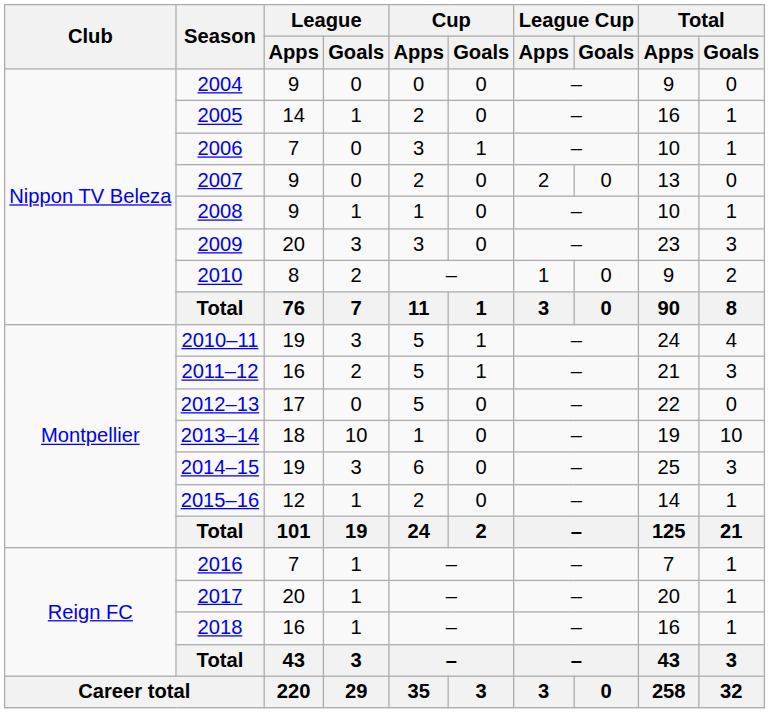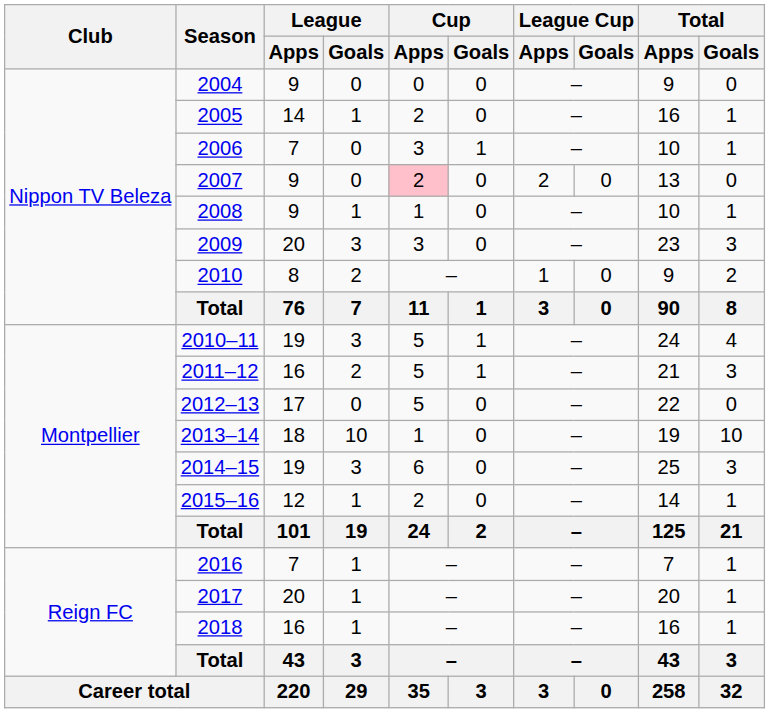 <table class="wikitable" style="text-align:center">
 <tr>
 <th rowspan="2">Club</th>
 <th rowspan="2">Season</th>
 <th colspan="2">League</th>
 <th colspan="2">Cup</th>
 <th colspan="2">League Cup</th>
 <th colspan="2">Total</th>
 </tr>
 <tr>
 <th>Apps</th>
 <th>Goals</th>
 <th>Apps</th>
 <th>Goals</th>
 <th>Apps</th>
 <th>Goals</th>
 <th>Apps</th>
 <th>Goals</th>
 </tr>
 <tr>
 <td rowspan="8"><a href='#'>Nippon TV Beleza</a></td>
 <td><a href='#'>2004</a></td>
 <td>9</td>
 <td>0</td>
 <td>0</td>
 <td>0</td>
 <td colspan="2">–</td>
 <td>9</td>
 <td>0</td>
 </tr>
 <tr>
 <td><a href='#'>2005</a></td>
 <td>14</td>
 <td>1</td>
 <td>2</td>
 <td>0</td>
 <td colspan="2">–</td>
 <td>16</td>
 <td>1</td>
 </tr>
 <tr>
 <td><a href='#'>2006</a></td>
 <td>7</td>
 <td>0</td>
 <td>3</td>
 <td>1</td>
 <td colspan="2">–</td>
 <td>10</td>
 <td>1</td>
 </tr>
 <tr>
 <td><a href='#'>2007</a></td>
 <td>9</td>
 <td>0</td>
-<td>2</td>
+<td style="background: pink;">2</td>
 <td>0</td>
 <td>2</td>
 <td>0</td>
 <td>13</td>
 <td>0</td>
 </tr>
 <tr>
 <td><a href='#'>2008</a></td>
 <td>9</td>
 <td>1</td>
 <td>1</td>
 <td>0</td>
 <td colspan="2">–</td>
 <td>10</td>
 <td>1</td>
 </tr>
 <tr>
 <td><a href='#'>2009</a></td>
 <td>20</td>
 <td>3</td>
 <td>3</td>
 <td>0</td>
 <td colspan="2">–</td>
 <td>23</td>
 <td>3</td>
 </tr>
 <tr>
 <td><a href='#'>2010</a></td>
 <td>8</td>
 <td>2</td>
 <td colspan="2">–</td>
 <td>1</td>
 <td>0</td>
 <td>9</td>
 <td>2</td>
 </tr>
 <tr>
 <th>Total</th>
 <th>76</th>
 <th>7</th>
 <th>11</th>
 <th>1</th>
 <th>3</th>
 <th>0</th>
 <th>90</th>
 <th>8</th>
 </tr>
 <tr>
 <td rowspan="7"><a href='#'>Montpellier</a></td>
 <td><a href='#'>2010–11</a></td>
 <td>19</td>
 <td>3</td>
 <td>5</td>
 <td>1</td>
 <td colspan="2">–</td>
 <td>24</td>
 <td>4</td>
 </tr>
 <tr>
 <td><a href='#'>2011–12</a></td>
 <td>16</td>
 <td>2</td>
 <td>5</td>
 <td>1</td>
 <td colspan="2">–</td>
 <td>21</td>
 <td>3</td>
 </tr>
 <tr>
 <td><a href='#'>2012–13</a></td>
 <td>17</td>
 <td>0</td>
 <td>5</td>
 <td>0</td>
 <td colspan="2">–</td>
 <td>22</td>
 <td>0</td>
 </tr>
 <tr>
 <td><a href='#'>2013–14</a></td>
 <td>18</td>
 <td>10</td>
 <td>1</td>
 <td>0</td>
 <td colspan="2">–</td>
 <td>19</td>
 <td>10</td>
 </tr>
 <tr>
 <td><a href='#'>2014–15</a></td>
 <td>19</td>
 <td>3</td>
 <td>6</td>
 <td>0</td>
 <td colspan="2">–</td>
 <td>25</td>
 <td>3</td>
 </tr>
 <tr>
 <td><a href='#'>2015–16</a></td>
 <td>12</td>
 <td>1</td>
 <td>2</td>
 <td>0</td>
 <td colspan="2">–</td>
 <td>14</td>
 <td>1</td>
 </tr>
 <tr>
 <th>Total</th>
 <th>101</th>
 <th>19</th>
 <th>24</th>
 <th>2</th>
 <th colspan="2">–</th>
 <th>125</th>
 <th>21</th>
 </tr>
 <tr>
 <td rowspan="4"><a href='#'>Reign FC</a></td>
 <td><a href='#'>2016</a></td>
 <td>7</td>
 <td>1</td>
 <td colspan="2">–</td>
 <td colspan="2">–</td>
 <td>7</td>
 <td>1</td>
 </tr>
 <tr>
 <td><a href='#'>2017</a></td>
 <td>20</td>
 <td>1</td>
 <td colspan="2">–</td>
 <td colspan="2">–</td>
 <td>20</td>
 <td>1</td>
 </tr>
 <tr>
 <td><a href='#'>2018</a></td>
 <td>16</td>
 <td>1</td>
 <td colspan="2">–</td>
 <td colspan="2">–</td>
 <td>16</td>
 <td>1</td>
 </tr>
 <tr>
 <th>Total</th>
 <th>43</th>
 <th>3</th>
 <th colspan="2">–</th>
 <th colspan="2">–</th>
 <th>43</th>
 <th>3</th>
 </tr>
 <tr>
 <th colspan="2">Career total</th>
 <th>220</th>
 <th>29</th>
 <th>35</th>
 <th>3</th>
 <th>3</th>
 <th>0</th>
 <th>258</th>
 <th>32</th>
 </tr>
 </table>
